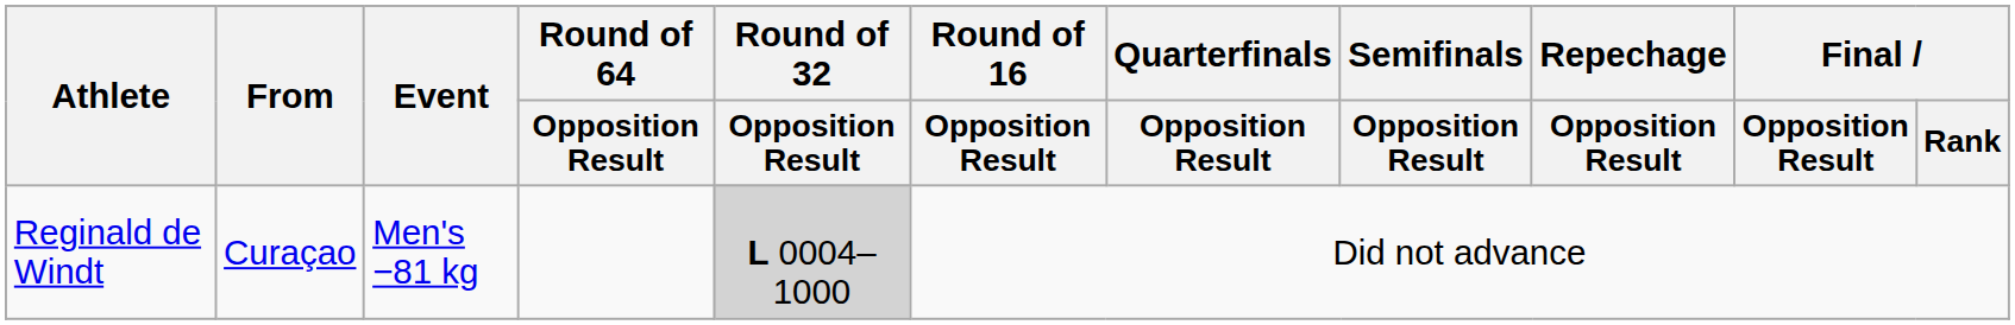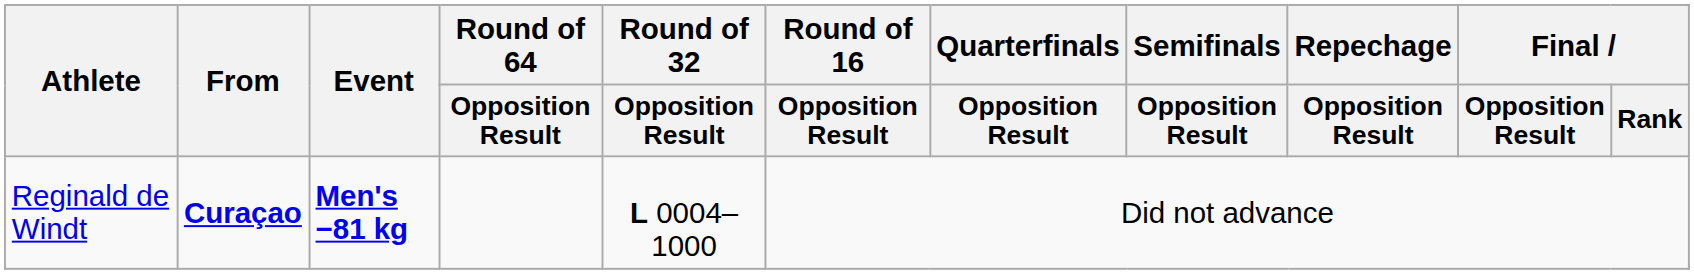 <table class="wikitable" style="font-size:95%">
 <tr>
 <th rowspan="2">Athlete</th>
 <th rowspan="2">From</th>
 <th rowspan="2">Event</th>
 <th>Round of 64</th>
 <th>Round of 32</th>
 <th>Round of 16</th>
 <th>Quarterfinals</th>
 <th>Semifinals</th>
 <th>Repechage</th>
 <th colspan=2>Final / </th>
 </tr>
 <tr style="font-size:90%">
 <th>Opposition<br>Result</th>
 <th>Opposition<br>Result</th>
 <th>Opposition<br>Result</th>
 <th>Opposition<br>Result</th>
 <th>Opposition<br>Result</th>
 <th>Opposition<br>Result</th>
 <th>Opposition<br>Result</th>
 <th>Rank</th>
 </tr>
 <tr align=center>
 <td align=left><a href='#'>Reginald de Windt</a></td>
-<td align=left> <a href='#'>Curaçao</a></td>
-<td align=left><a href='#'>Men's −81 kg</a></td>
+<td align=left><strong> <a href='#'>Curaçao</a></strong></td>
+<td align=left><strong><a href='#'>Men's −81 kg</a></strong></td>
 <td></td>
-<td style="background: lightgrey;"><br><strong>L</strong> 0004–1000</td>
+<td><br><strong>L</strong> 0004–1000</td>
 <td colspan=6>Did not advance</td>
 </tr>
 </table>
